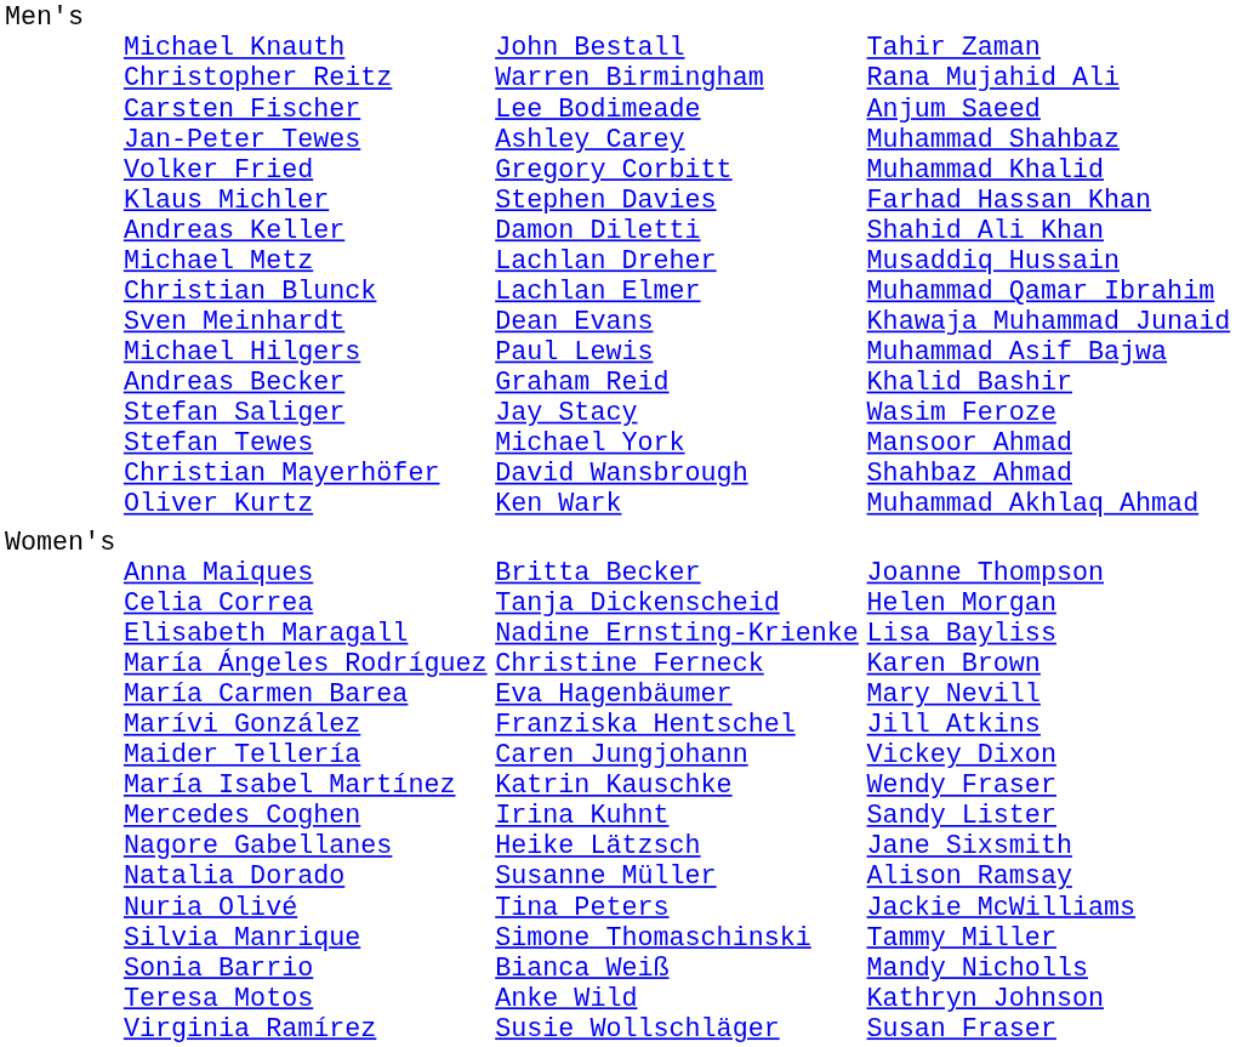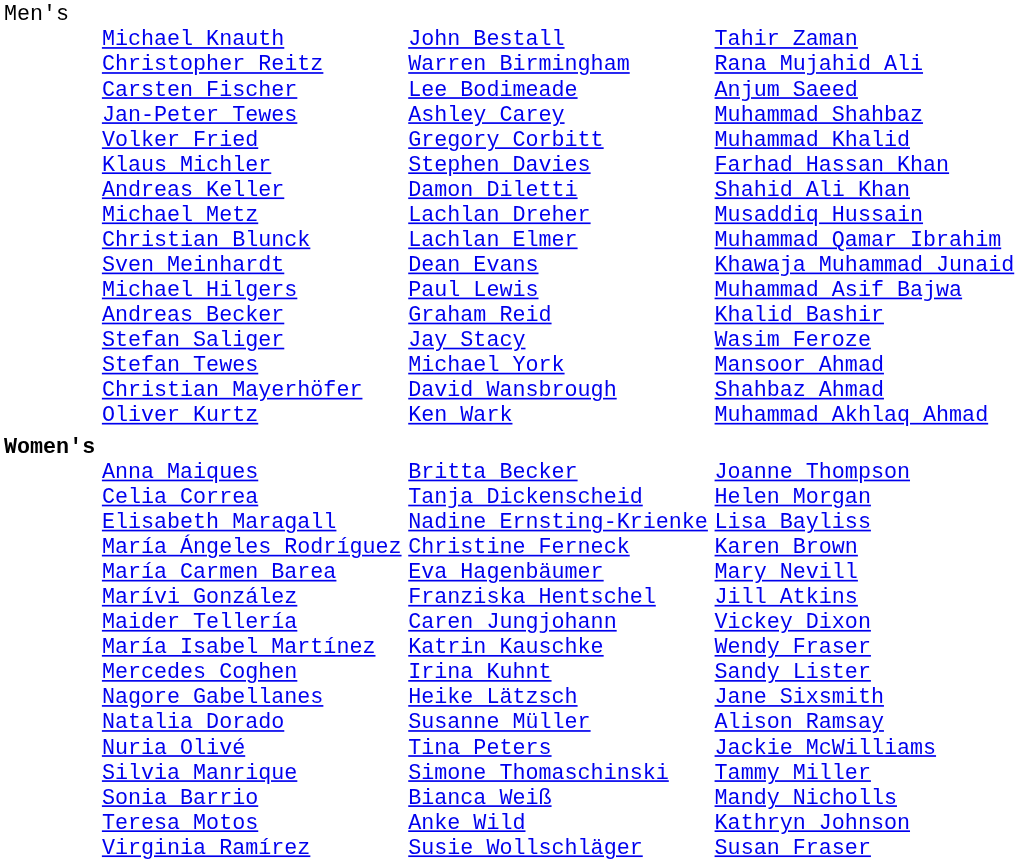 <table>
 <tr valign="top">
 <td>Men's</td>
 <td><br><a href='#'>Michael Knauth</a><br><a href='#'>Christopher Reitz</a><br><a href='#'>Carsten Fischer</a><br><a href='#'>Jan-Peter Tewes</a><br><a href='#'>Volker Fried</a><br><a href='#'>Klaus Michler</a><br><a href='#'>Andreas Keller</a><br><a href='#'>Michael Metz</a><br><a href='#'>Christian Blunck</a><br><a href='#'>Sven Meinhardt</a><br><a href='#'>Michael Hilgers</a><br><a href='#'>Andreas Becker</a><br><a href='#'>Stefan Saliger</a><br><a href='#'>Stefan Tewes</a><br><a href='#'>Christian Mayerhöfer</a><br><a href='#'>Oliver Kurtz</a></td>
 <td><br><a href='#'>John Bestall</a><br><a href='#'>Warren Birmingham</a><br><a href='#'>Lee Bodimeade</a><br><a href='#'>Ashley Carey</a><br><a href='#'>Gregory Corbitt</a><br><a href='#'>Stephen Davies</a><br><a href='#'>Damon Diletti</a><br><a href='#'>Lachlan Dreher</a><br><a href='#'>Lachlan Elmer</a><br><a href='#'>Dean Evans</a><br><a href='#'>Paul Lewis</a><br><a href='#'>Graham Reid</a><br><a href='#'>Jay Stacy</a><br><a href='#'>Michael York</a><br><a href='#'>David Wansbrough</a><br><a href='#'>Ken Wark</a></td>
 <td><br><a href='#'>Tahir Zaman</a><br><a href='#'>Rana Mujahid Ali</a><br><a href='#'>Anjum Saeed</a><br><a href='#'>Muhammad Shahbaz</a><br><a href='#'>Muhammad Khalid</a><br><a href='#'>Farhad Hassan Khan</a><br><a href='#'>Shahid Ali Khan</a><br><a href='#'>Musaddiq Hussain</a><br><a href='#'>Muhammad Qamar Ibrahim</a><br><a href='#'>Khawaja Muhammad Junaid</a><br><a href='#'>Muhammad Asif Bajwa</a><br><a href='#'>Khalid Bashir</a><br><a href='#'>Wasim Feroze</a><br><a href='#'>Mansoor Ahmad</a><br><a href='#'>Shahbaz Ahmad</a><br><a href='#'>Muhammad Akhlaq Ahmad</a></td>
 </tr>
 <tr valign="top">
-<td>Women's</td>
+<td><strong>Women's</strong></td>
 <td><br><a href='#'>Anna Maiques</a><br><a href='#'>Celia Correa</a><br><a href='#'>Elisabeth Maragall</a><br><a href='#'>María Ángeles Rodríguez</a><br><a href='#'>María Carmen Barea</a><br><a href='#'>Marívi González</a><br><a href='#'>Maider Tellería</a><br><a href='#'>María Isabel Martínez</a><br><a href='#'>Mercedes Coghen</a><br><a href='#'>Nagore Gabellanes</a><br><a href='#'>Natalia Dorado</a><br><a href='#'>Nuria Olivé</a><br><a href='#'>Silvia Manrique</a><br><a href='#'>Sonia Barrio</a><br><a href='#'>Teresa Motos</a><br><a href='#'>Virginia Ramírez</a></td>
 <td><br><a href='#'>Britta Becker</a><br><a href='#'>Tanja Dickenscheid</a><br><a href='#'>Nadine Ernsting-Krienke</a><br><a href='#'>Christine Ferneck</a><br><a href='#'>Eva Hagenbäumer</a><br><a href='#'>Franziska Hentschel</a><br><a href='#'>Caren Jungjohann</a><br><a href='#'>Katrin Kauschke</a><br><a href='#'>Irina Kuhnt</a><br><a href='#'>Heike Lätzsch</a><br><a href='#'>Susanne Müller</a><br><a href='#'>Tina Peters</a><br><a href='#'>Simone Thomaschinski</a><br><a href='#'>Bianca Weiß</a><br><a href='#'>Anke Wild</a><br><a href='#'>Susie Wollschläger</a></td>
 <td><br><a href='#'>Joanne Thompson</a><br><a href='#'>Helen Morgan</a><br><a href='#'>Lisa Bayliss</a><br><a href='#'>Karen Brown</a><br><a href='#'>Mary Nevill</a><br><a href='#'>Jill Atkins</a><br><a href='#'>Vickey Dixon</a><br><a href='#'>Wendy Fraser</a><br><a href='#'>Sandy Lister</a><br><a href='#'>Jane Sixsmith</a><br><a href='#'>Alison Ramsay</a><br><a href='#'>Jackie McWilliams</a><br><a href='#'>Tammy Miller</a><br><a href='#'>Mandy Nicholls</a><br><a href='#'>Kathryn Johnson</a><br><a href='#'>Susan Fraser</a></td>
 </tr>
 </table>
